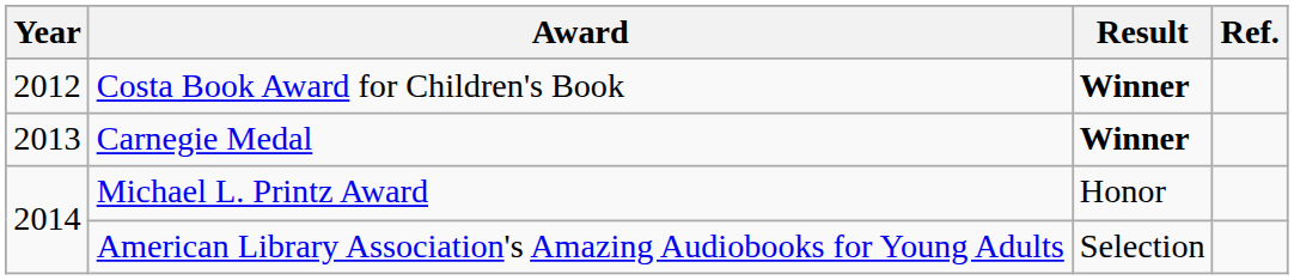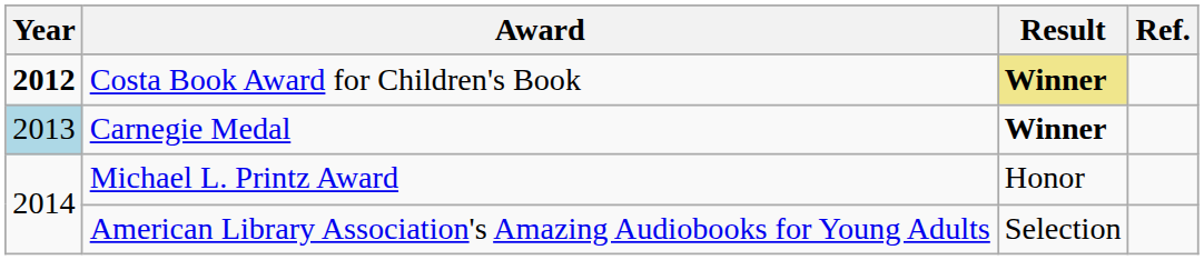 <table class="wikitable sortable">
 <tr>
 <th>Year</th>
 <th>Award</th>
 <th>Result</th>
 <th>Ref.</th>
 </tr>
 <tr>
-<td>2012</td>
+<td><strong>2012</strong></td>
 <td><a href='#'>Costa Book Award</a> for Children's Book</td>
-<td><strong>Winner</strong></td>
+<td style="background: khaki;"><strong>Winner</strong></td>
 <td></td>
 </tr>
 <tr>
-<td>2013</td>
+<td style="background: lightblue;">2013</td>
 <td><a href='#'>Carnegie Medal</a></td>
 <td><strong>Winner</strong></td>
 <td></td>
 </tr>
 <tr>
 <td rowspan="2">2014</td>
 <td><a href='#'>Michael L. Printz Award</a></td>
 <td>Honor</td>
 <td></td>
 </tr>
 <tr>
 <td><a href='#'>American Library Association</a>'s <a href='#'>Amazing Audiobooks for Young Adults</a></td>
 <td>Selection</td>
 <td></td>
 </tr>
 </table>
